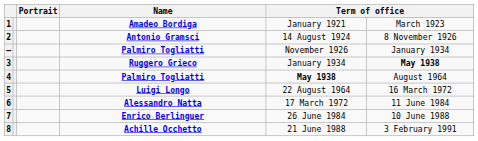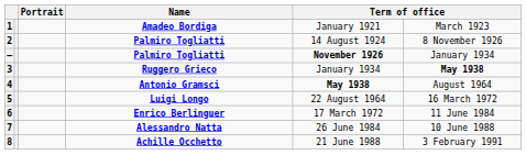 <table class="wikitable" style="text-align:center; width:60%; border:1px #AAAAFF solid">
 <tr>
 <th colspan="2"></th>
 <th width=85px>Portrait</th>
 <th width=45%>Name<br></th>
 <th width=45% colspan="2">Term of office</th>
 </tr>
 <tr>
 <th>1</th>
 <th style="background:"></th>
 <td></td>
 <td><strong><a href='#'>Amadeo Bordiga</a></strong><br></td>
 <td>January 1921</td>
 <td>March 1923</td>
 </tr>
 <tr>
 <th>2</th>
 <th style="background:"></th>
 <td></td>
-<td><strong><a href='#'>Antonio Gramsci</a></strong><br></td>
+<td><strong><a href='#'>Palmiro Togliatti</a></strong><br></td>
 <td>14 August 1924</td>
 <td>8 November 1926</td>
 </tr>
 <tr>
 <th>–</th>
 <th style="background:"></th>
 <td></td>
 <td><strong><a href='#'>Palmiro Togliatti</a></strong><br></td>
-<td>November 1926</td>
+<td><strong>November 1926</strong></td>
 <td>January 1934</td>
 </tr>
 <tr>
 <th>3</th>
 <th style="background:"></th>
 <td></td>
 <td><strong><a href='#'>Ruggero Grieco</a></strong><br></td>
 <td>January 1934</td>
 <td><strong>May 1938</strong></td>
 </tr>
 <tr>
 <th>4</th>
 <th style="background:"></th>
 <td></td>
-<td><strong><a href='#'>Palmiro Togliatti</a></strong><br></td>
+<td><strong><a href='#'>Antonio Gramsci</a></strong><br></td>
 <td><strong>May 1938</strong></td>
 <td>August 1964</td>
 </tr>
 <tr>
 <th>5</th>
 <th style="background:"></th>
 <td></td>
 <td><strong><a href='#'>Luigi Longo</a></strong><br></td>
 <td>22 August 1964</td>
 <td>16 March 1972</td>
 </tr>
 <tr>
 <th>6</th>
 <th style="background:"></th>
 <td></td>
-<td><strong><a href='#'>Alessandro Natta</a></strong><br></td>
+<td><strong><a href='#'>Enrico Berlinguer</a></strong><br></td>
 <td>17 March 1972</td>
 <td>11 June 1984</td>
 </tr>
 <tr>
 <th>7</th>
 <th style="background:"></th>
 <td></td>
-<td><strong><a href='#'>Enrico Berlinguer</a></strong><br></td>
+<td><strong><a href='#'>Alessandro Natta</a></strong><br></td>
 <td>26 June 1984</td>
 <td>10 June 1988</td>
 </tr>
 <tr>
 <th>8</th>
 <th style="background: "></th>
 <td></td>
 <td><strong><a href='#'>Achille Occhetto</a></strong><br></td>
 <td>21 June 1988</td>
 <td>3 February 1991</td>
 </tr>
 </table>
